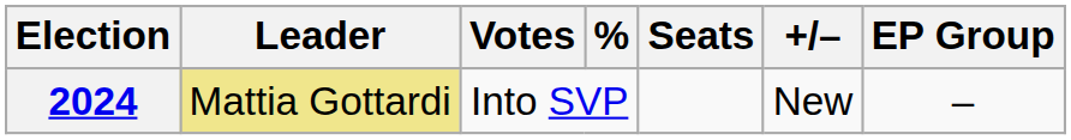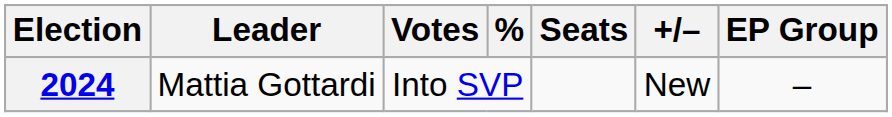 <table class="wikitable" style="text-align:center">
 <tr>
 <th>Election</th>
 <th>Leader</th>
 <th>Votes</th>
 <th>%</th>
 <th>Seats</th>
 <th>+/–</th>
 <th>EP Group</th>
 </tr>
 <tr>
 <th><a href='#'>2024</a></th>
-<td style="background: khaki;">Mattia Gottardi</td>
+<td>Mattia Gottardi</td>
 <td colspan="2">Into <a href='#'>SVP</a></td>
 <td></td>
 <td>New</td>
 <td>–</td>
 </tr>
 </table>
